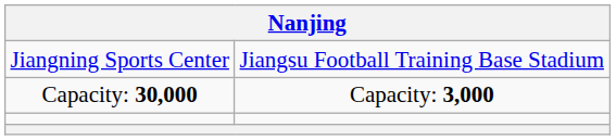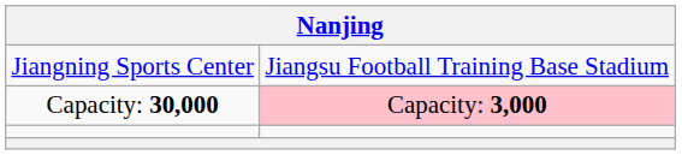 <table class="wikitable" style="text-align:center">
 <tr>
 <th colspan=2><a href='#'>Nanjing</a></th>
 </tr>
 <tr>
 <td><a href='#'>Jiangning Sports Center</a></td>
 <td><a href='#'>Jiangsu Football Training Base Stadium</a></td>
 </tr>
 <tr>
 <td>Capacity: <strong>30,000</strong></td>
-<td>Capacity: <strong>3,000</strong></td>
+<td style="background: pink;">Capacity: <strong>3,000</strong></td>
 </tr>
 <tr>
 <td></td>
 <td></td>
 </tr>
 <tr>
 <th colspan="2" rowspan="4"></th>
 </tr>
 </table>
